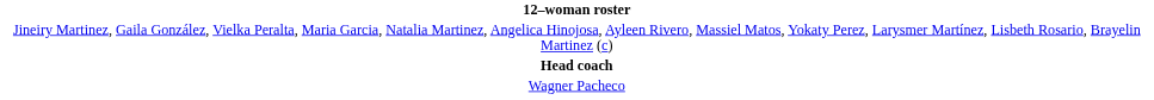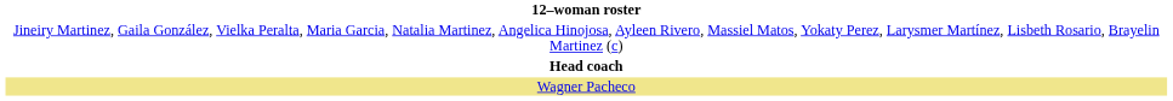 <table style="text-align: center; margin-top: 2em; margin-left: auto; margin-right: auto">
 <tr>
 <td><strong>12–woman roster</strong></td>
 </tr>
 <tr>
 <td><a href='#'>Jineiry Martinez</a>, <a href='#'>Gaila González</a>, <a href='#'>Vielka Peralta</a>, <a href='#'>Maria Garcia</a>, <a href='#'>Natalia Martinez</a>, <a href='#'>Angelica Hinojosa</a>, <a href='#'>Ayleen Rivero</a>, <a href='#'>Massiel Matos</a>, <a href='#'>Yokaty Perez</a>, <a href='#'>Larysmer Martínez</a>, <a href='#'>Lisbeth Rosario</a>, <a href='#'>Brayelin Martinez</a> (<a href='#'>c</a>)</td>
 </tr>
 <tr>
 <td><strong>Head coach</strong></td>
 </tr>
 <tr>
-<td><a href='#'>Wagner Pacheco</a></td>
+<td style="background: khaki;"><a href='#'>Wagner Pacheco</a></td>
 </tr>
 </table>
